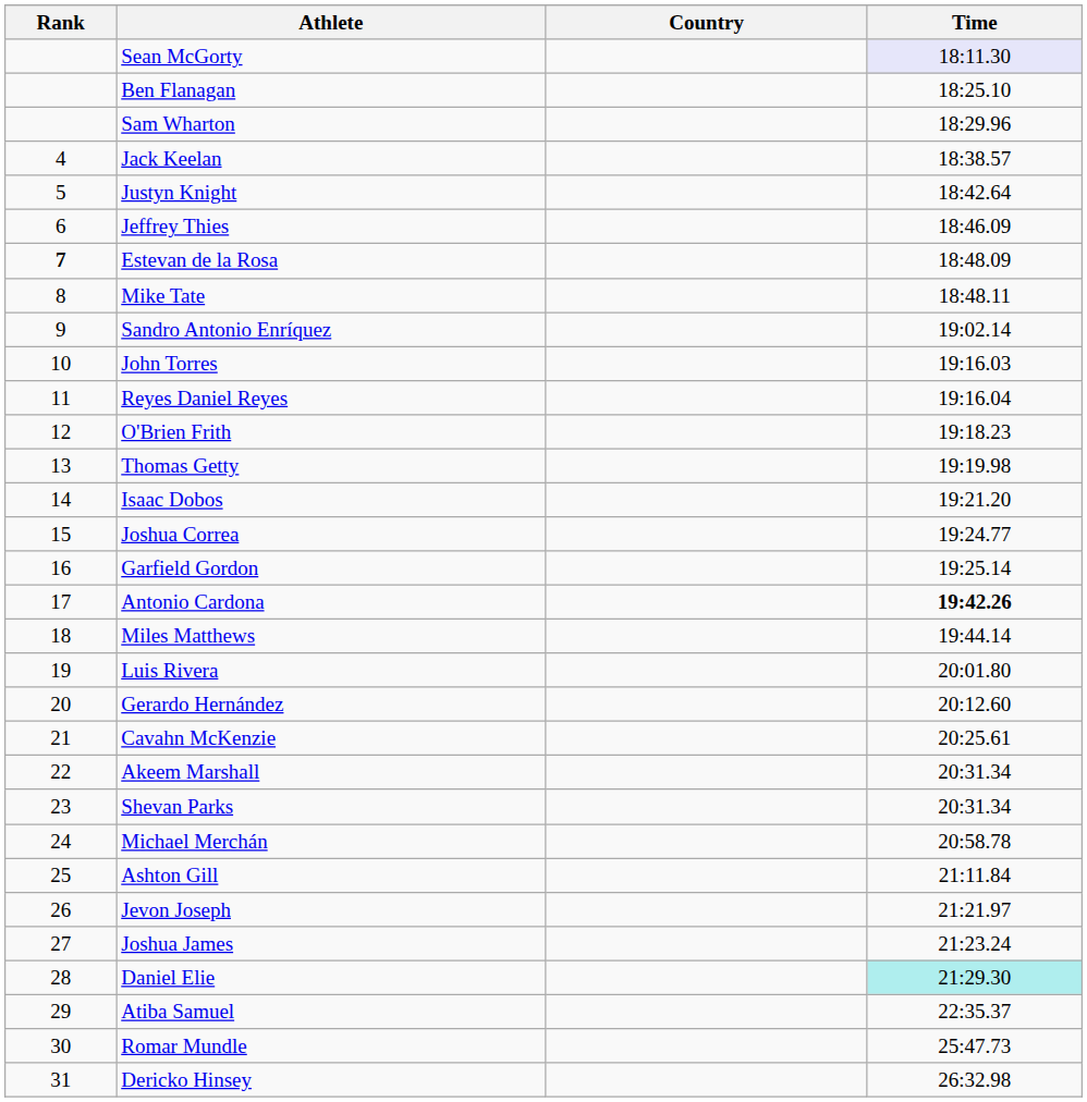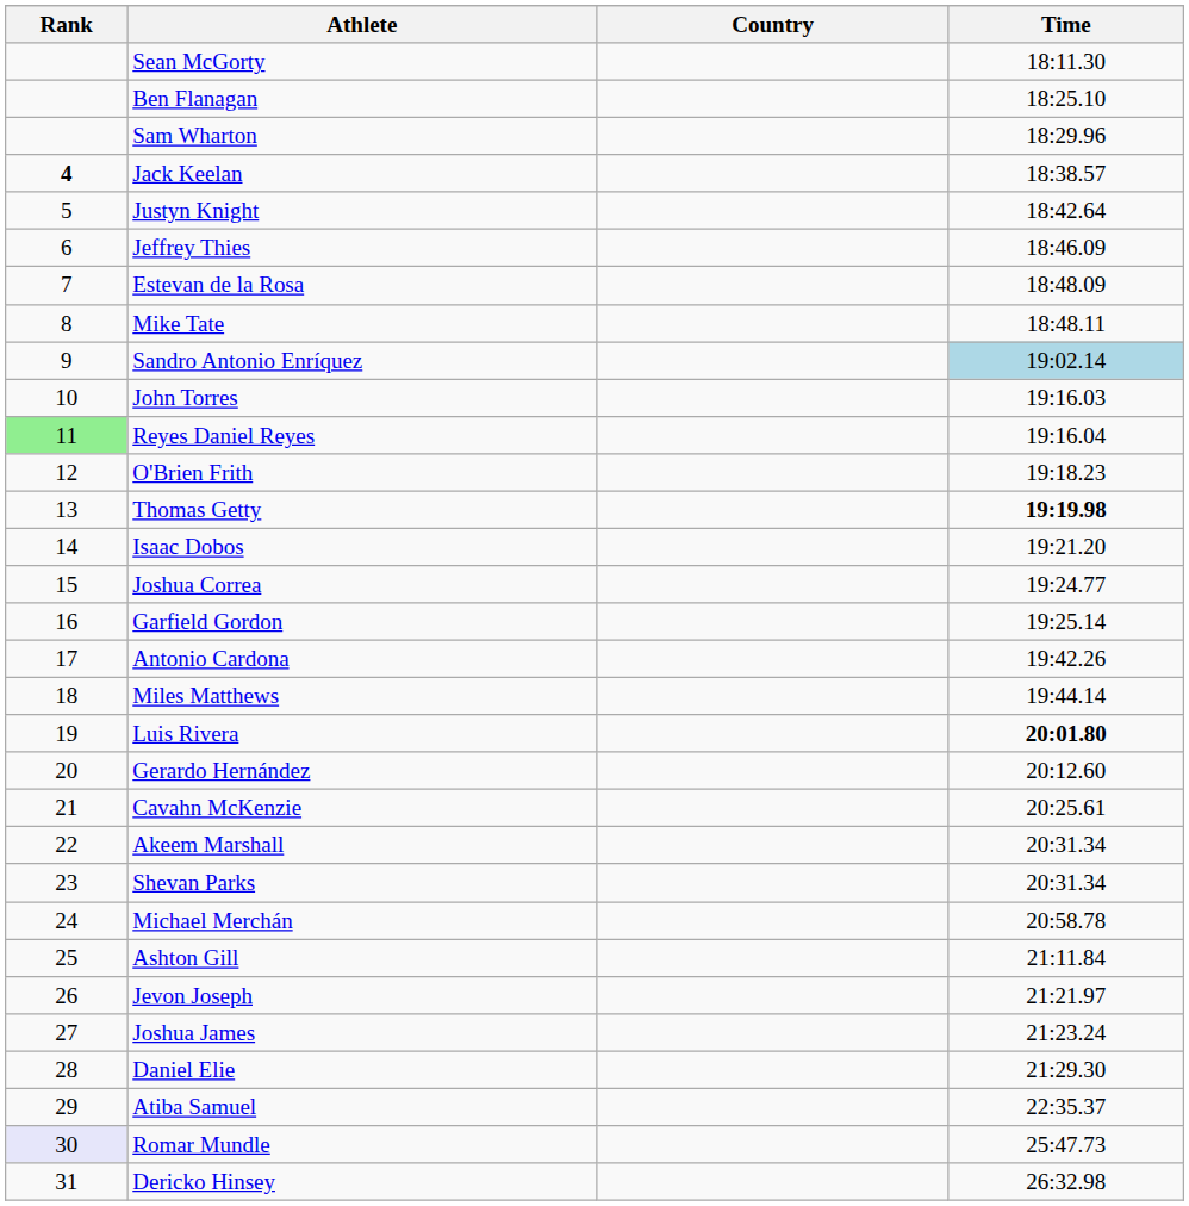 <table class="wikitable sortable" style=" text-align:center; font-size:95%;" width="50%">
 <tr>
 </tr>
 <tr>
 <th width=5%>Rank</th>
 <th width=20%>Athlete</th>
 <th width=15%>Country</th>
 <th width=10%>Time</th>
 </tr>
 <tr>
 <td align=center></td>
 <td align=left><a href='#'>Sean McGorty</a></td>
 <td align=left></td>
-<td style="background: lavender;">18:11.30</td>
+<td>18:11.30</td>
 </tr>
 <tr>
 <td align=center></td>
 <td align=left><a href='#'>Ben Flanagan</a></td>
 <td align=left></td>
 <td>18:25.10</td>
 </tr>
 <tr>
 <td align=center></td>
 <td align=left><a href='#'>Sam Wharton</a></td>
 <td align=left></td>
 <td>18:29.96</td>
 </tr>
 <tr>
-<td align=center>4</td>
+<td align=center><strong>4</strong></td>
 <td align=left><a href='#'>Jack Keelan</a></td>
 <td align=left></td>
 <td>18:38.57</td>
 </tr>
 <tr>
 <td align=center>5</td>
 <td align=left><a href='#'>Justyn Knight</a></td>
 <td align=left></td>
 <td>18:42.64</td>
 </tr>
 <tr>
 <td align=center>6</td>
 <td align=left><a href='#'>Jeffrey Thies</a></td>
 <td align=left></td>
 <td>18:46.09</td>
 </tr>
 <tr>
-<td align=center><strong>7</strong></td>
+<td align=center>7</td>
 <td align=left><a href='#'>Estevan de la Rosa</a></td>
 <td align=left></td>
 <td>18:48.09</td>
 </tr>
 <tr>
 <td align=center>8</td>
 <td align=left><a href='#'>Mike Tate</a></td>
 <td align=left></td>
 <td>18:48.11</td>
 </tr>
 <tr>
 <td align=center>9</td>
 <td align=left><a href='#'>Sandro Antonio Enríquez</a></td>
 <td align=left></td>
-<td>19:02.14</td>
+<td style="background: lightblue;">19:02.14</td>
 </tr>
 <tr>
 <td align=center>10</td>
 <td align=left><a href='#'>John Torres</a></td>
 <td align=left></td>
 <td>19:16.03</td>
 </tr>
 <tr>
-<td align=center>11</td>
+<td align=center style="background: lightgreen;">11</td>
 <td align=left><a href='#'>Reyes Daniel Reyes</a></td>
 <td align=left></td>
 <td>19:16.04</td>
 </tr>
 <tr>
 <td align=center>12</td>
 <td align=left><a href='#'>O'Brien Frith</a></td>
 <td align=left></td>
 <td>19:18.23</td>
 </tr>
 <tr>
 <td align=center>13</td>
 <td align=left><a href='#'>Thomas Getty</a></td>
 <td align=left></td>
-<td>19:19.98</td>
+<td><strong>19:19.98</strong></td>
 </tr>
 <tr>
 <td align=center>14</td>
 <td align=left><a href='#'>Isaac Dobos</a></td>
 <td align=left></td>
 <td>19:21.20</td>
 </tr>
 <tr>
 <td align=center>15</td>
 <td align=left><a href='#'>Joshua Correa</a></td>
 <td align=left></td>
 <td>19:24.77</td>
 </tr>
 <tr>
 <td align=center>16</td>
 <td align=left><a href='#'>Garfield Gordon</a></td>
 <td align=left></td>
 <td>19:25.14</td>
 </tr>
 <tr>
 <td align=center>17</td>
 <td align=left><a href='#'>Antonio Cardona</a></td>
 <td align=left></td>
-<td><strong>19:42.26</strong></td>
+<td>19:42.26</td>
 </tr>
 <tr>
 <td align=center>18</td>
 <td align=left><a href='#'>Miles Matthews</a></td>
 <td align=left></td>
 <td>19:44.14</td>
 </tr>
 <tr>
 <td align=center>19</td>
 <td align=left><a href='#'>Luis Rivera</a></td>
 <td align=left></td>
-<td>20:01.80</td>
+<td><strong>20:01.80</strong></td>
 </tr>
 <tr>
 <td align=center>20</td>
 <td align=left><a href='#'>Gerardo Hernández</a></td>
 <td align=left></td>
 <td>20:12.60</td>
 </tr>
 <tr>
 <td align=center>21</td>
 <td align=left><a href='#'>Cavahn McKenzie</a></td>
 <td align=left></td>
 <td>20:25.61</td>
 </tr>
 <tr>
 <td align=center>22</td>
 <td align=left><a href='#'>Akeem Marshall</a></td>
 <td align=left></td>
 <td>20:31.34</td>
 </tr>
 <tr>
 <td align=center>23</td>
 <td align=left><a href='#'>Shevan Parks</a></td>
 <td align=left></td>
 <td>20:31.34</td>
 </tr>
 <tr>
 <td align=center>24</td>
 <td align=left><a href='#'>Michael Merchán</a></td>
 <td align=left></td>
 <td>20:58.78</td>
 </tr>
 <tr>
 <td align=center>25</td>
 <td align=left><a href='#'>Ashton Gill</a></td>
 <td align=left></td>
 <td>21:11.84</td>
 </tr>
 <tr>
 <td align=center>26</td>
 <td align=left><a href='#'>Jevon Joseph</a></td>
 <td align=left></td>
 <td>21:21.97</td>
 </tr>
 <tr>
 <td align=center>27</td>
 <td align=left><a href='#'>Joshua James</a></td>
 <td align=left></td>
 <td>21:23.24</td>
 </tr>
 <tr>
 <td align=center>28</td>
 <td align=left><a href='#'>Daniel Elie</a></td>
 <td align=left></td>
-<td style="background: paleturquoise;">21:29.30</td>
+<td>21:29.30</td>
 </tr>
 <tr>
 <td align=center>29</td>
 <td align=left><a href='#'>Atiba Samuel</a></td>
 <td align=left></td>
 <td>22:35.37</td>
 </tr>
 <tr>
-<td align=center>30</td>
+<td align=center style="background: lavender;">30</td>
 <td align=left><a href='#'>Romar Mundle</a></td>
 <td align=left></td>
 <td>25:47.73</td>
 </tr>
 <tr>
 <td align=center>31</td>
 <td align=left><a href='#'>Dericko Hinsey</a></td>
 <td align=left></td>
 <td>26:32.98</td>
 </tr>
 </table>
